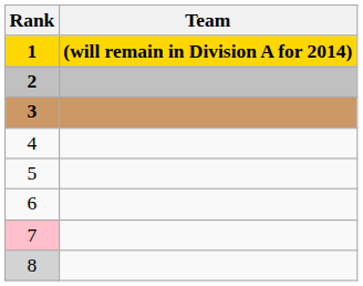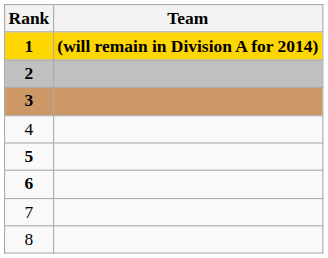 <table class="wikitable" style="text-align:center">
 <tr>
 <th>Rank</th>
 <th>Team</th>
 </tr>
 <tr style="background:gold;">
 <td><strong>1</strong></td>
 <td align="left"><strong> (will remain in Division A for 2014)</strong></td>
 </tr>
 <tr style="background:silver;">
 <td><strong>2</strong></td>
 <td align="left"></td>
 </tr>
 <tr style="background:#c96;">
 <td><strong>3</strong></td>
 <td align="left"></td>
 </tr>
 <tr>
 <td>4</td>
 <td align="left"></td>
 </tr>
 <tr>
-<td>5</td>
+<td><strong>5</strong></td>
 <td align="left"></td>
 </tr>
 <tr>
-<td>6</td>
+<td><strong>6</strong></td>
 <td align="left"></td>
 </tr>
 <tr>
-<td style="background: pink;">7</td>
+<td>7</td>
 <td align="left"></td>
 </tr>
 <tr>
-<td style="background: lightgrey;">8</td>
+<td>8</td>
 <td align="left"></td>
 </tr>
 </table>
